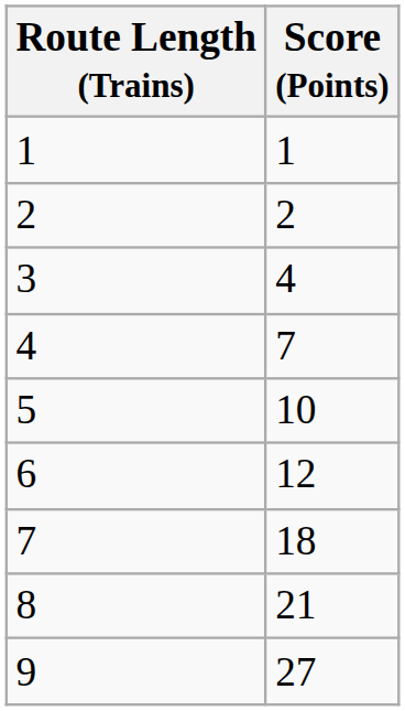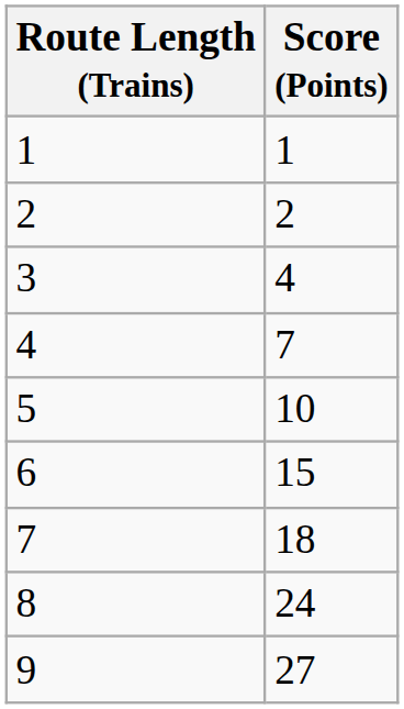 <table class="wikitable" align="right" style="margin-left">
 <tr>
 <th>Route Length<br><small>(Trains)</small></th>
 <th>Score<br><small>(Points)</small></th>
 </tr>
 <tr>
 <td>1</td>
 <td>1</td>
 </tr>
 <tr>
 <td>2</td>
 <td>2</td>
 </tr>
 <tr>
 <td>3</td>
 <td>4</td>
 </tr>
 <tr>
 <td>4</td>
 <td>7</td>
 </tr>
 <tr>
 <td>5</td>
 <td>10</td>
 </tr>
 <tr>
 <td>6</td>
-<td>12</td>
+<td>15</td>
 </tr>
 <tr>
 <td>7</td>
 <td>18</td>
 </tr>
 <tr>
 <td>8</td>
-<td>21</td>
+<td>24</td>
 </tr>
 <tr>
 <td>9</td>
 <td>27</td>
 </tr>
 </table>
